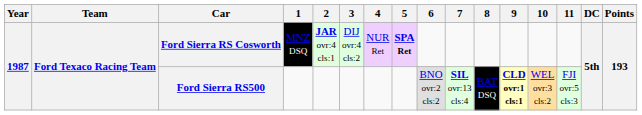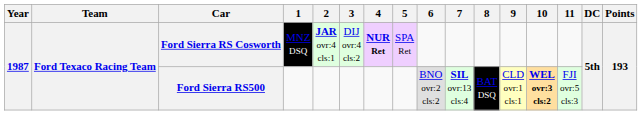 <table class="wikitable" style="text-align:center; font-size:90%">
 <tr>
 <th>Year</th>
 <th>Team</th>
 <th>Car</th>
 <th>1</th>
 <th>2</th>
 <th>3</th>
 <th>4</th>
 <th>5</th>
 <th>6</th>
 <th>7</th>
 <th>8</th>
 <th>9</th>
 <th>10</th>
 <th>11</th>
 <th>DC</th>
 <th>Points</th>
 </tr>
 <tr>
 <th rowspan=2><a href='#'>1987</a></th>
 <th rowspan=2> <a href='#'>Ford Texaco Racing Team</a></th>
 <th><a href='#'>Ford Sierra RS Cosworth</a></th>
 <td style="background:#000000; color:white"><a href='#'>MNZ</a><br><small>DSQ</small></td>
 <td style="background:#dfffdf;"><strong><a href='#'>JAR</a></strong><br><small>ovr:4<br>cls:1</small></td>
 <td style="background:#dfffdf;"><a href='#'>DIJ</a><br><small>ovr:4<br>cls:2</small></td>
-<td style="background:#efcfff;"><a href='#'>NUR</a><br><small>Ret</small></td>
-<td style="background:#efcfff;"><strong><a href='#'>SPA</a><br><small>Ret</small></strong></td>
+<td style="background:#efcfff;"><strong><a href='#'>NUR</a><br><small>Ret</small></strong></td>
+<td style="background:#efcfff;"><a href='#'>SPA</a><br><small>Ret</small></td>
 <td></td>
 <td></td>
 <td></td>
 <td></td>
 <td></td>
 <td></td>
 <th rowspan="2">5th</th>
 <th rowspan="2">193</th>
 </tr>
 <tr>
 <th><a href='#'>Ford Sierra RS500</a></th>
 <td></td>
 <td></td>
 <td></td>
 <td></td>
 <td></td>
 <td style="background:#dfdfdf;"><a href='#'>BNO</a><br><small>ovr:2<br>cls:2</small></td>
 <td style="background:#dfffdf;"><strong><a href='#'>SIL</a></strong><br><small>ovr:13<br>cls:4</small></td>
 <td style="background:#000000; color:white"><a href='#'>BAT</a><br><small>DSQ</small></td>
-<td style="background:#ffffbf;"><strong><a href='#'>CLD</a><br><small>ovr:1<br>cls:1</small></strong></td>
-<td style="background:#ffdf9f;"><a href='#'>WEL</a><br><small>ovr:3<br>cls:2</small></td>
+<td style="background:#ffffbf;"><a href='#'>CLD</a><br><small>ovr:1<br>cls:1</small></td>
+<td style="background:#ffdf9f;"><strong><a href='#'>WEL</a><br><small>ovr:3<br>cls:2</small></strong></td>
 <td style="background:#dfffdf;"><a href='#'>FJI</a><br><small>ovr:5<br>cls:3</small></td>
 </tr>
 </table>
